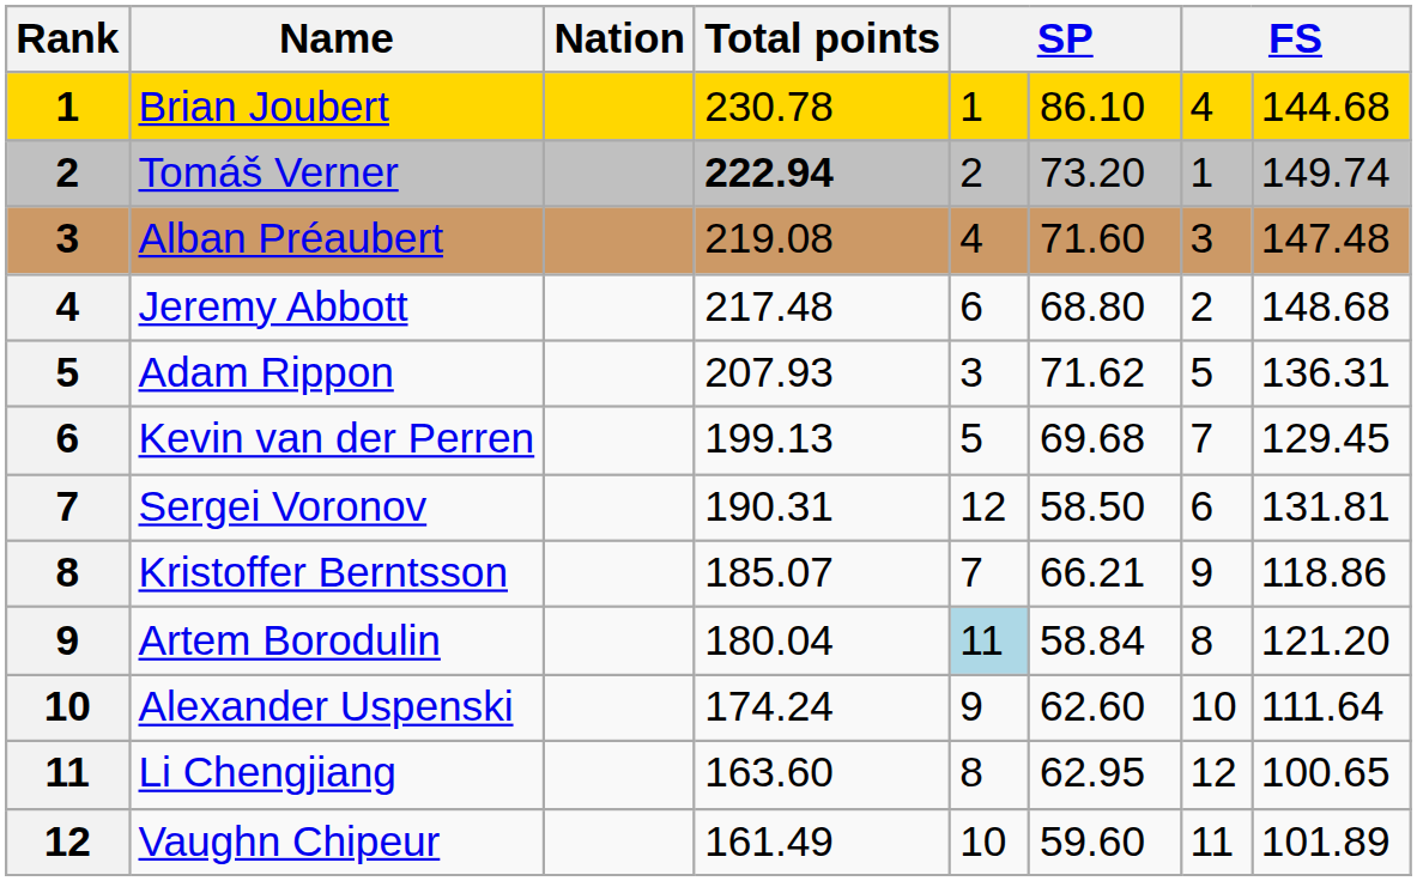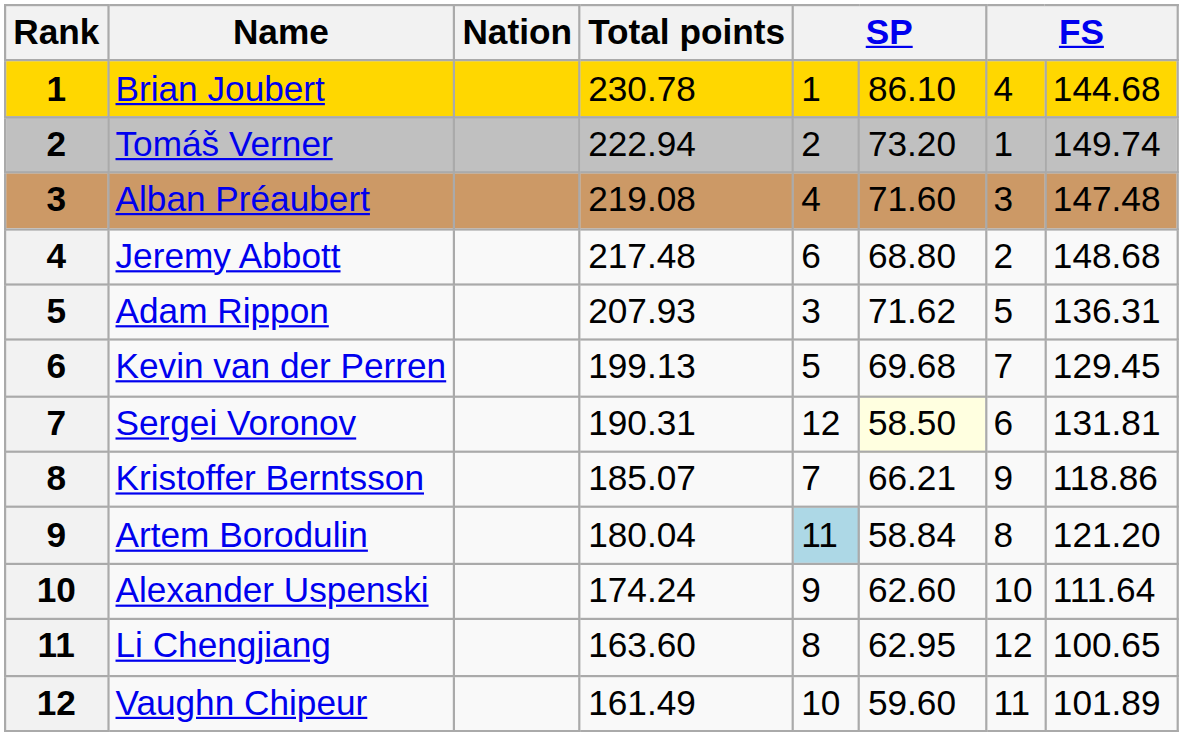 <table class="wikitable">
 <tr>
 <th>Rank</th>
 <th>Name</th>
 <th>Nation</th>
 <th>Total points</th>
 <th colspan="2" width="80px"><a href='#'>SP</a></th>
 <th colspan="2" width="80px"><a href='#'>FS</a></th>
 </tr>
 <tr bgcolor="gold">
 <td align="center"><strong>1</strong></td>
 <td><a href='#'>Brian Joubert</a></td>
 <td></td>
 <td>230.78</td>
 <td>1</td>
 <td>86.10</td>
 <td>4</td>
 <td>144.68</td>
 </tr>
 <tr bgcolor="silver">
 <td align="center"><strong>2</strong></td>
 <td><a href='#'>Tomáš Verner</a></td>
 <td></td>
-<td><strong>222.94</strong></td>
+<td>222.94</td>
 <td>2</td>
 <td>73.20</td>
 <td>1</td>
 <td>149.74</td>
 </tr>
 <tr bgcolor="cc9966">
 <td align="center"><strong>3</strong></td>
 <td><a href='#'>Alban Préaubert</a></td>
 <td></td>
 <td>219.08</td>
 <td>4</td>
 <td>71.60</td>
 <td>3</td>
 <td>147.48</td>
 </tr>
 <tr>
 <th>4</th>
 <td><a href='#'>Jeremy Abbott</a></td>
 <td></td>
 <td>217.48</td>
 <td>6</td>
 <td>68.80</td>
 <td>2</td>
 <td>148.68</td>
 </tr>
 <tr>
 <th>5</th>
 <td><a href='#'>Adam Rippon</a></td>
 <td></td>
 <td>207.93</td>
 <td>3</td>
 <td>71.62</td>
 <td>5</td>
 <td>136.31</td>
 </tr>
 <tr>
 <th>6</th>
 <td><a href='#'>Kevin van der Perren</a></td>
 <td></td>
 <td>199.13</td>
 <td>5</td>
 <td>69.68</td>
 <td>7</td>
 <td>129.45</td>
 </tr>
 <tr>
 <th>7</th>
 <td><a href='#'>Sergei Voronov</a></td>
 <td></td>
 <td>190.31</td>
 <td>12</td>
-<td>58.50</td>
+<td style="background: lightyellow;">58.50</td>
 <td>6</td>
 <td>131.81</td>
 </tr>
 <tr>
 <th>8</th>
 <td><a href='#'>Kristoffer Berntsson</a></td>
 <td></td>
 <td>185.07</td>
 <td>7</td>
 <td>66.21</td>
 <td>9</td>
 <td>118.86</td>
 </tr>
 <tr>
 <th>9</th>
 <td><a href='#'>Artem Borodulin</a></td>
 <td></td>
 <td>180.04</td>
 <td style="background: lightblue;">11</td>
 <td>58.84</td>
 <td>8</td>
 <td>121.20</td>
 </tr>
 <tr>
 <th>10</th>
 <td><a href='#'>Alexander Uspenski</a></td>
 <td></td>
 <td>174.24</td>
 <td>9</td>
 <td>62.60</td>
 <td>10</td>
 <td>111.64</td>
 </tr>
 <tr>
 <th>11</th>
 <td><a href='#'>Li Chengjiang</a></td>
 <td></td>
 <td>163.60</td>
 <td>8</td>
 <td>62.95</td>
 <td>12</td>
 <td>100.65</td>
 </tr>
 <tr>
 <th>12</th>
 <td><a href='#'>Vaughn Chipeur</a></td>
 <td></td>
 <td>161.49</td>
 <td>10</td>
 <td>59.60</td>
 <td>11</td>
 <td>101.89</td>
 </tr>
 </table>
